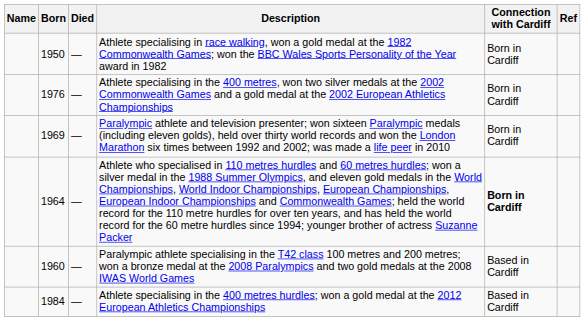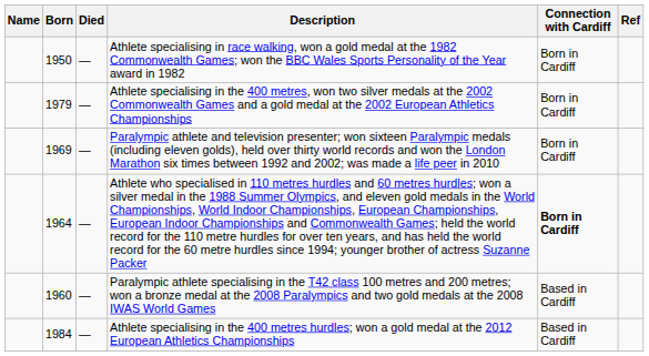 <table class="sortable wikitable" style="text-align: left; width: 68%;">
 <tr>
 <th scope="col">Name</th>
 <th scope="col">Born</th>
 <th scope="col">Died</th>
 <th scope="col">Description</th>
 <th scope="col">Connection with Cardiff</th>
 <th scope="col"><abbr>Ref</abbr></th>
 </tr>
 <tr>
 <td></td>
 <td>1950</td>
 <td>—</td>
 <td>Athlete specialising in <a href='#'>race walking</a>, won a gold medal at the <a href='#'>1982 Commonwealth Games</a>; won the <a href='#'>BBC Wales Sports Personality of the Year</a> award in 1982</td>
 <td>Born in Cardiff</td>
 <td></td>
 </tr>
 <tr>
 <td></td>
-<td>1976</td>
+<td>1979</td>
 <td>—</td>
 <td>Athlete specialising in the <a href='#'>400 metres</a>, won two silver medals at the <a href='#'>2002 Commonwealth Games</a> and a gold medal at the <a href='#'>2002 European Athletics Championships</a></td>
 <td>Born in Cardiff</td>
 <td></td>
 </tr>
 <tr>
 <td></td>
 <td>1969</td>
 <td>—</td>
 <td><a href='#'>Paralympic</a> athlete and television presenter; won sixteen <a href='#'>Paralympic</a> medals (including eleven golds), held over thirty world records and won the <a href='#'>London Marathon</a> six times between 1992 and 2002; was made a <a href='#'>life peer</a> in 2010</td>
 <td>Born in Cardiff</td>
 <td></td>
 </tr>
 <tr>
 <td></td>
 <td>1964</td>
 <td>—</td>
 <td>Athlete who specialised in <a href='#'>110 metres hurdles</a> and <a href='#'>60 metres hurdles</a>; won a silver medal in the <a href='#'>1988 Summer Olympics</a>, and eleven gold medals in the <a href='#'>World Championships</a>, <a href='#'>World Indoor Championships</a>, <a href='#'>European Championships</a>, <a href='#'>European Indoor Championships</a> and <a href='#'>Commonwealth Games</a>; held the world record for the 110 metre hurdles for over ten years, and has held the world record for the 60 metre hurdles since 1994; younger brother of actress <a href='#'>Suzanne Packer</a></td>
 <td><strong>Born in Cardiff</strong></td>
 <td></td>
 </tr>
 <tr>
 <td></td>
 <td>1960</td>
 <td>—</td>
 <td>Paralympic athlete specialising in the <a href='#'>T42 class</a> 100 metres and 200 metres; won a bronze medal at the <a href='#'>2008 Paralympics</a> and two gold medals at the 2008 <a href='#'>IWAS World Games</a></td>
 <td>Based in Cardiff</td>
 <td></td>
 </tr>
 <tr>
 <td></td>
 <td>1984</td>
 <td>—</td>
 <td>Athlete specialising in the <a href='#'>400 metres hurdles</a>; won a gold medal at the <a href='#'>2012 European Athletics Championships</a></td>
 <td>Based in Cardiff</td>
 <td></td>
 </tr>
 </table>
